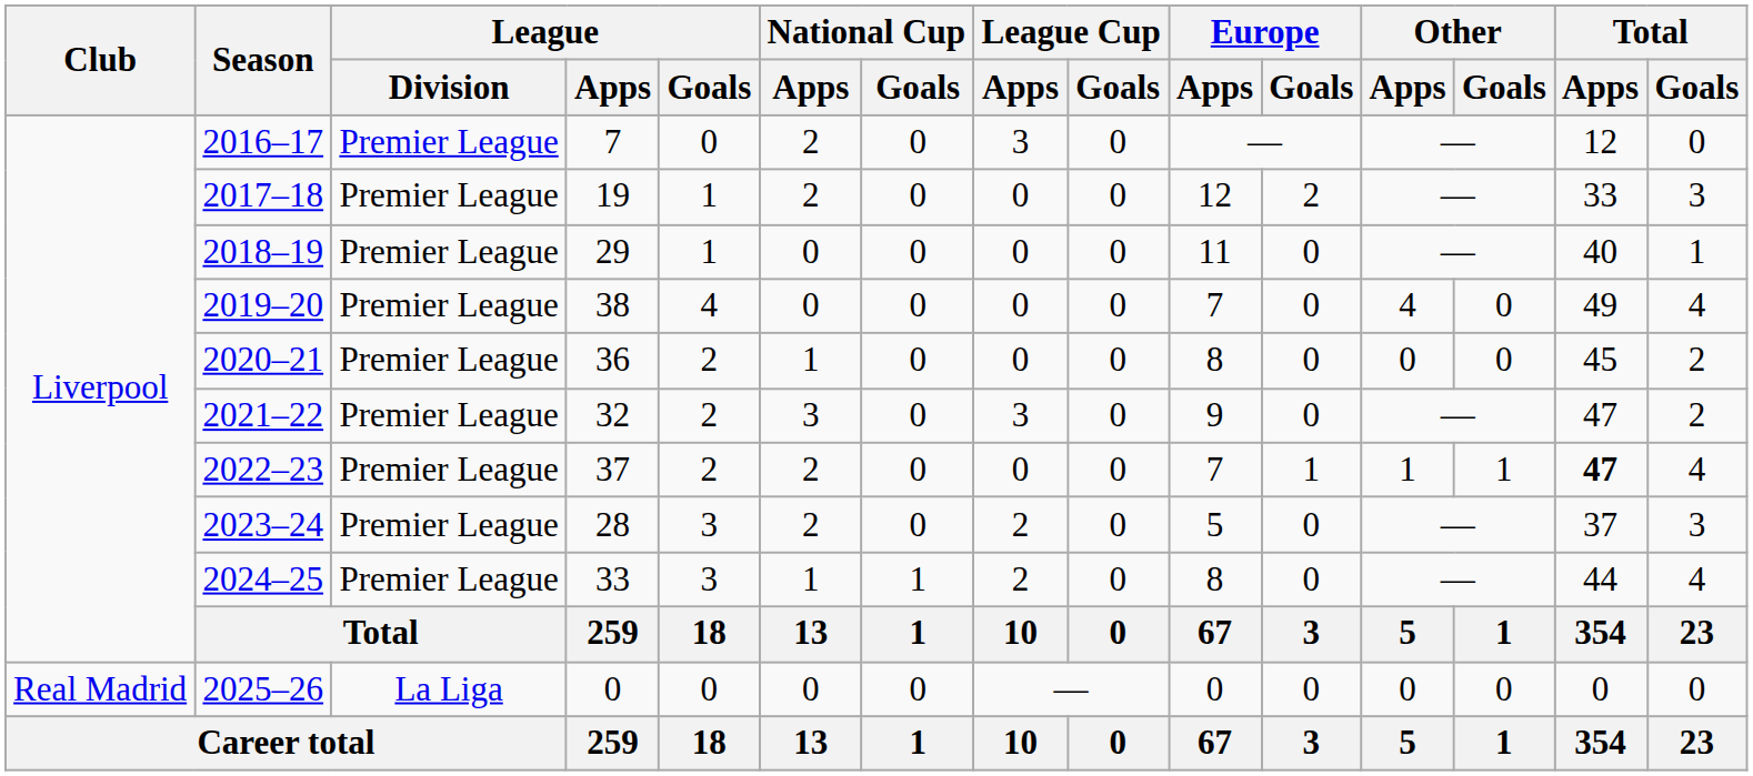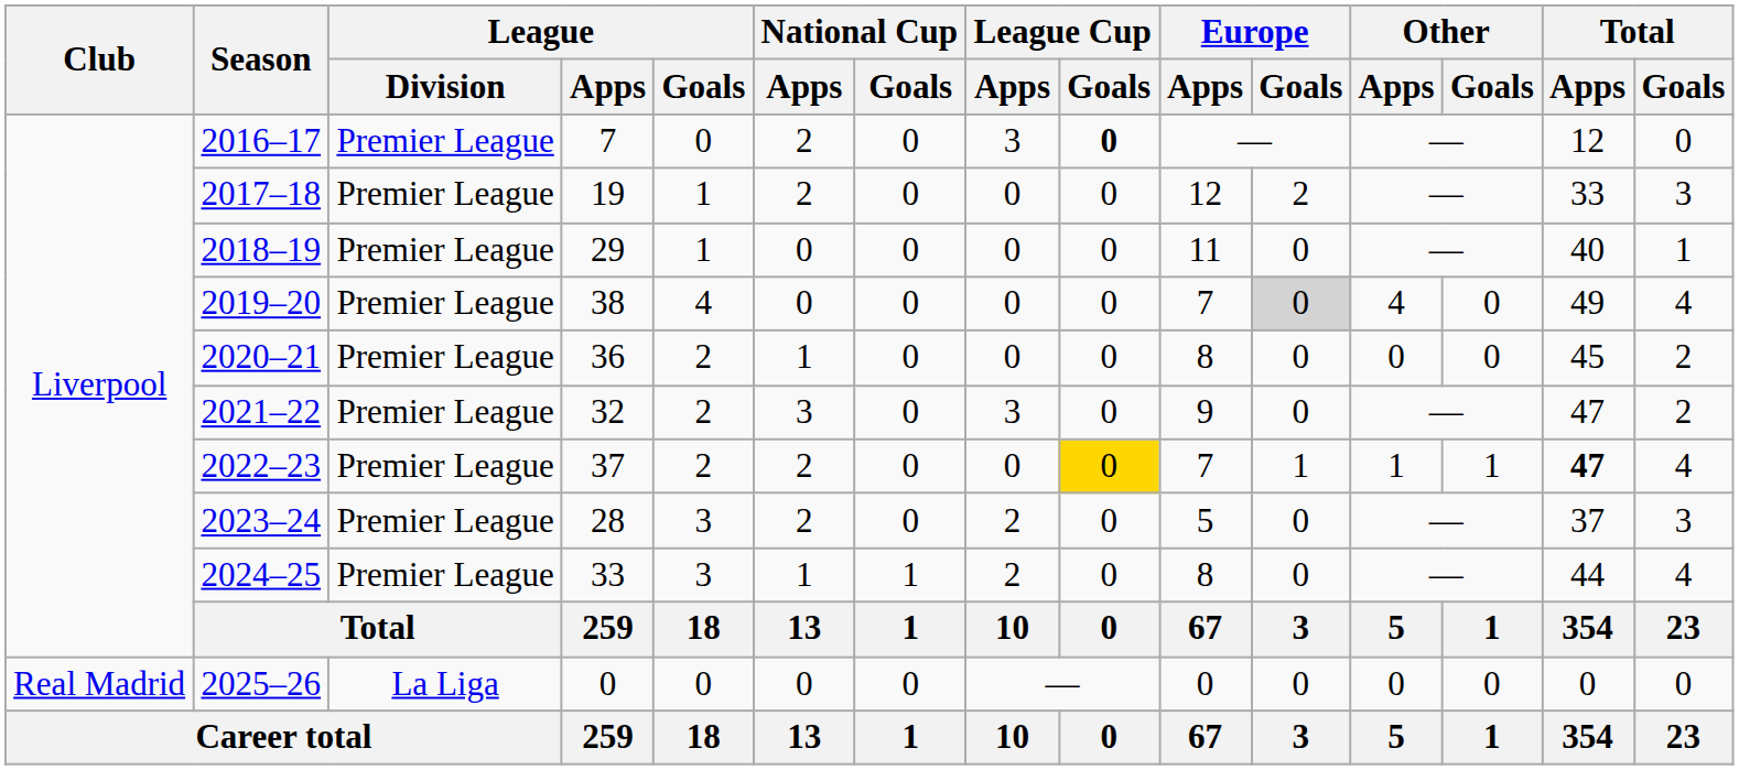 <table class="wikitable" style="text-align: center;">
 <tr>
 <th rowspan="2">Club</th>
 <th rowspan="2">Season</th>
 <th colspan="3">League</th>
 <th colspan="2">National Cup</th>
 <th colspan="2">League Cup</th>
 <th colspan="2"><a href='#'>Europe</a></th>
 <th colspan="2">Other</th>
 <th colspan="2">Total</th>
 </tr>
 <tr>
 <th>Division</th>
 <th>Apps</th>
 <th>Goals</th>
 <th>Apps</th>
 <th>Goals</th>
 <th>Apps</th>
 <th>Goals</th>
 <th>Apps</th>
 <th>Goals</th>
 <th>Apps</th>
 <th>Goals</th>
 <th>Apps</th>
 <th>Goals</th>
 </tr>
 <tr>
 <td rowspan="10"><a href='#'>Liverpool</a></td>
 <td><a href='#'>2016–17</a></td>
 <td><a href='#'>Premier League</a></td>
 <td>7</td>
 <td>0</td>
 <td>2</td>
 <td>0</td>
 <td>3</td>
-<td>0</td>
+<td><strong>0</strong></td>
 <td colspan="2">—</td>
 <td colspan="2">—</td>
 <td>12</td>
 <td>0</td>
 </tr>
 <tr>
 <td><a href='#'>2017–18</a></td>
 <td>Premier League</td>
 <td>19</td>
 <td>1</td>
 <td>2</td>
 <td>0</td>
 <td>0</td>
 <td>0</td>
 <td>12</td>
 <td>2</td>
 <td colspan="2">—</td>
 <td>33</td>
 <td>3</td>
 </tr>
 <tr>
 <td><a href='#'>2018–19</a></td>
 <td>Premier League</td>
 <td>29</td>
 <td>1</td>
 <td>0</td>
 <td>0</td>
 <td>0</td>
 <td>0</td>
 <td>11</td>
 <td>0</td>
 <td colspan="2">—</td>
 <td>40</td>
 <td>1</td>
 </tr>
 <tr>
 <td><a href='#'>2019–20</a></td>
 <td>Premier League</td>
 <td>38</td>
 <td>4</td>
 <td>0</td>
 <td>0</td>
 <td>0</td>
 <td>0</td>
 <td>7</td>
-<td>0</td>
+<td style="background: lightgrey;">0</td>
 <td>4</td>
 <td>0</td>
 <td>49</td>
 <td>4</td>
 </tr>
 <tr>
 <td><a href='#'>2020–21</a></td>
 <td>Premier League</td>
 <td>36</td>
 <td>2</td>
 <td>1</td>
 <td>0</td>
 <td>0</td>
 <td>0</td>
 <td>8</td>
 <td>0</td>
 <td>0</td>
 <td>0</td>
 <td>45</td>
 <td>2</td>
 </tr>
 <tr>
 <td><a href='#'>2021–22</a></td>
 <td>Premier League</td>
 <td>32</td>
 <td>2</td>
 <td>3</td>
 <td>0</td>
 <td>3</td>
 <td>0</td>
 <td>9</td>
 <td>0</td>
 <td colspan="2">—</td>
 <td>47</td>
 <td>2</td>
 </tr>
 <tr>
 <td><a href='#'>2022–23</a></td>
 <td>Premier League</td>
 <td>37</td>
 <td>2</td>
 <td>2</td>
 <td>0</td>
 <td>0</td>
-<td>0</td>
+<td style="background: gold;">0</td>
 <td>7</td>
 <td>1</td>
 <td>1</td>
 <td>1</td>
 <td><strong>47</strong></td>
 <td>4</td>
 </tr>
 <tr>
 <td><a href='#'>2023–24</a></td>
 <td>Premier League</td>
 <td>28</td>
 <td>3</td>
 <td>2</td>
 <td>0</td>
 <td>2</td>
 <td>0</td>
 <td>5</td>
 <td>0</td>
 <td colspan="2">—</td>
 <td>37</td>
 <td>3</td>
 </tr>
 <tr>
 <td><a href='#'>2024–25</a></td>
 <td>Premier League</td>
 <td>33</td>
 <td>3</td>
 <td>1</td>
 <td>1</td>
 <td>2</td>
 <td>0</td>
 <td>8</td>
 <td>0</td>
 <td colspan="2">—</td>
 <td>44</td>
 <td>4</td>
 </tr>
 <tr>
 <th colspan="2">Total</th>
 <th>259</th>
 <th>18</th>
 <th>13</th>
 <th>1</th>
 <th>10</th>
 <th>0</th>
 <th>67</th>
 <th>3</th>
 <th>5</th>
 <th>1</th>
 <th>354</th>
 <th>23</th>
 </tr>
 <tr>
 <td><a href='#'>Real Madrid</a></td>
 <td><a href='#'>2025–26</a></td>
 <td><a href='#'>La Liga</a></td>
 <td>0</td>
 <td>0</td>
 <td>0</td>
 <td>0</td>
 <td colspan="2">—</td>
 <td>0</td>
 <td>0</td>
 <td>0</td>
 <td>0</td>
 <td>0</td>
 <td>0</td>
 </tr>
 <tr>
 <th colspan="3">Career total</th>
 <th>259</th>
 <th>18</th>
 <th>13</th>
 <th>1</th>
 <th>10</th>
 <th>0</th>
 <th>67</th>
 <th>3</th>
 <th>5</th>
 <th>1</th>
 <th>354</th>
 <th>23</th>
 </tr>
 </table>
